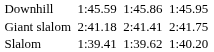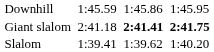 <table>
 <tr>
 <td>Downhill<br></td>
 <td></td>
 <td align=center>1:45.59</td>
 <td></td>
 <td align=center>1:45.86</td>
 <td></td>
 <td align=center>1:45.95</td>
 </tr>
 <tr>
 <td>Giant slalom<br></td>
 <td></td>
 <td align=center>2:41.18</td>
 <td></td>
-<td align=center>2:41.41</td>
+<td align=center><strong>2:41.41</strong></td>
 <td></td>
-<td align=center>2:41.75</td>
+<td align=center><strong>2:41.75</strong></td>
 </tr>
 <tr>
 <td>Slalom<br></td>
 <td></td>
 <td align=center>1:39.41</td>
 <td></td>
 <td align=center>1:39.62</td>
 <td></td>
 <td align=center>1:40.20</td>
 </tr>
 </table>
